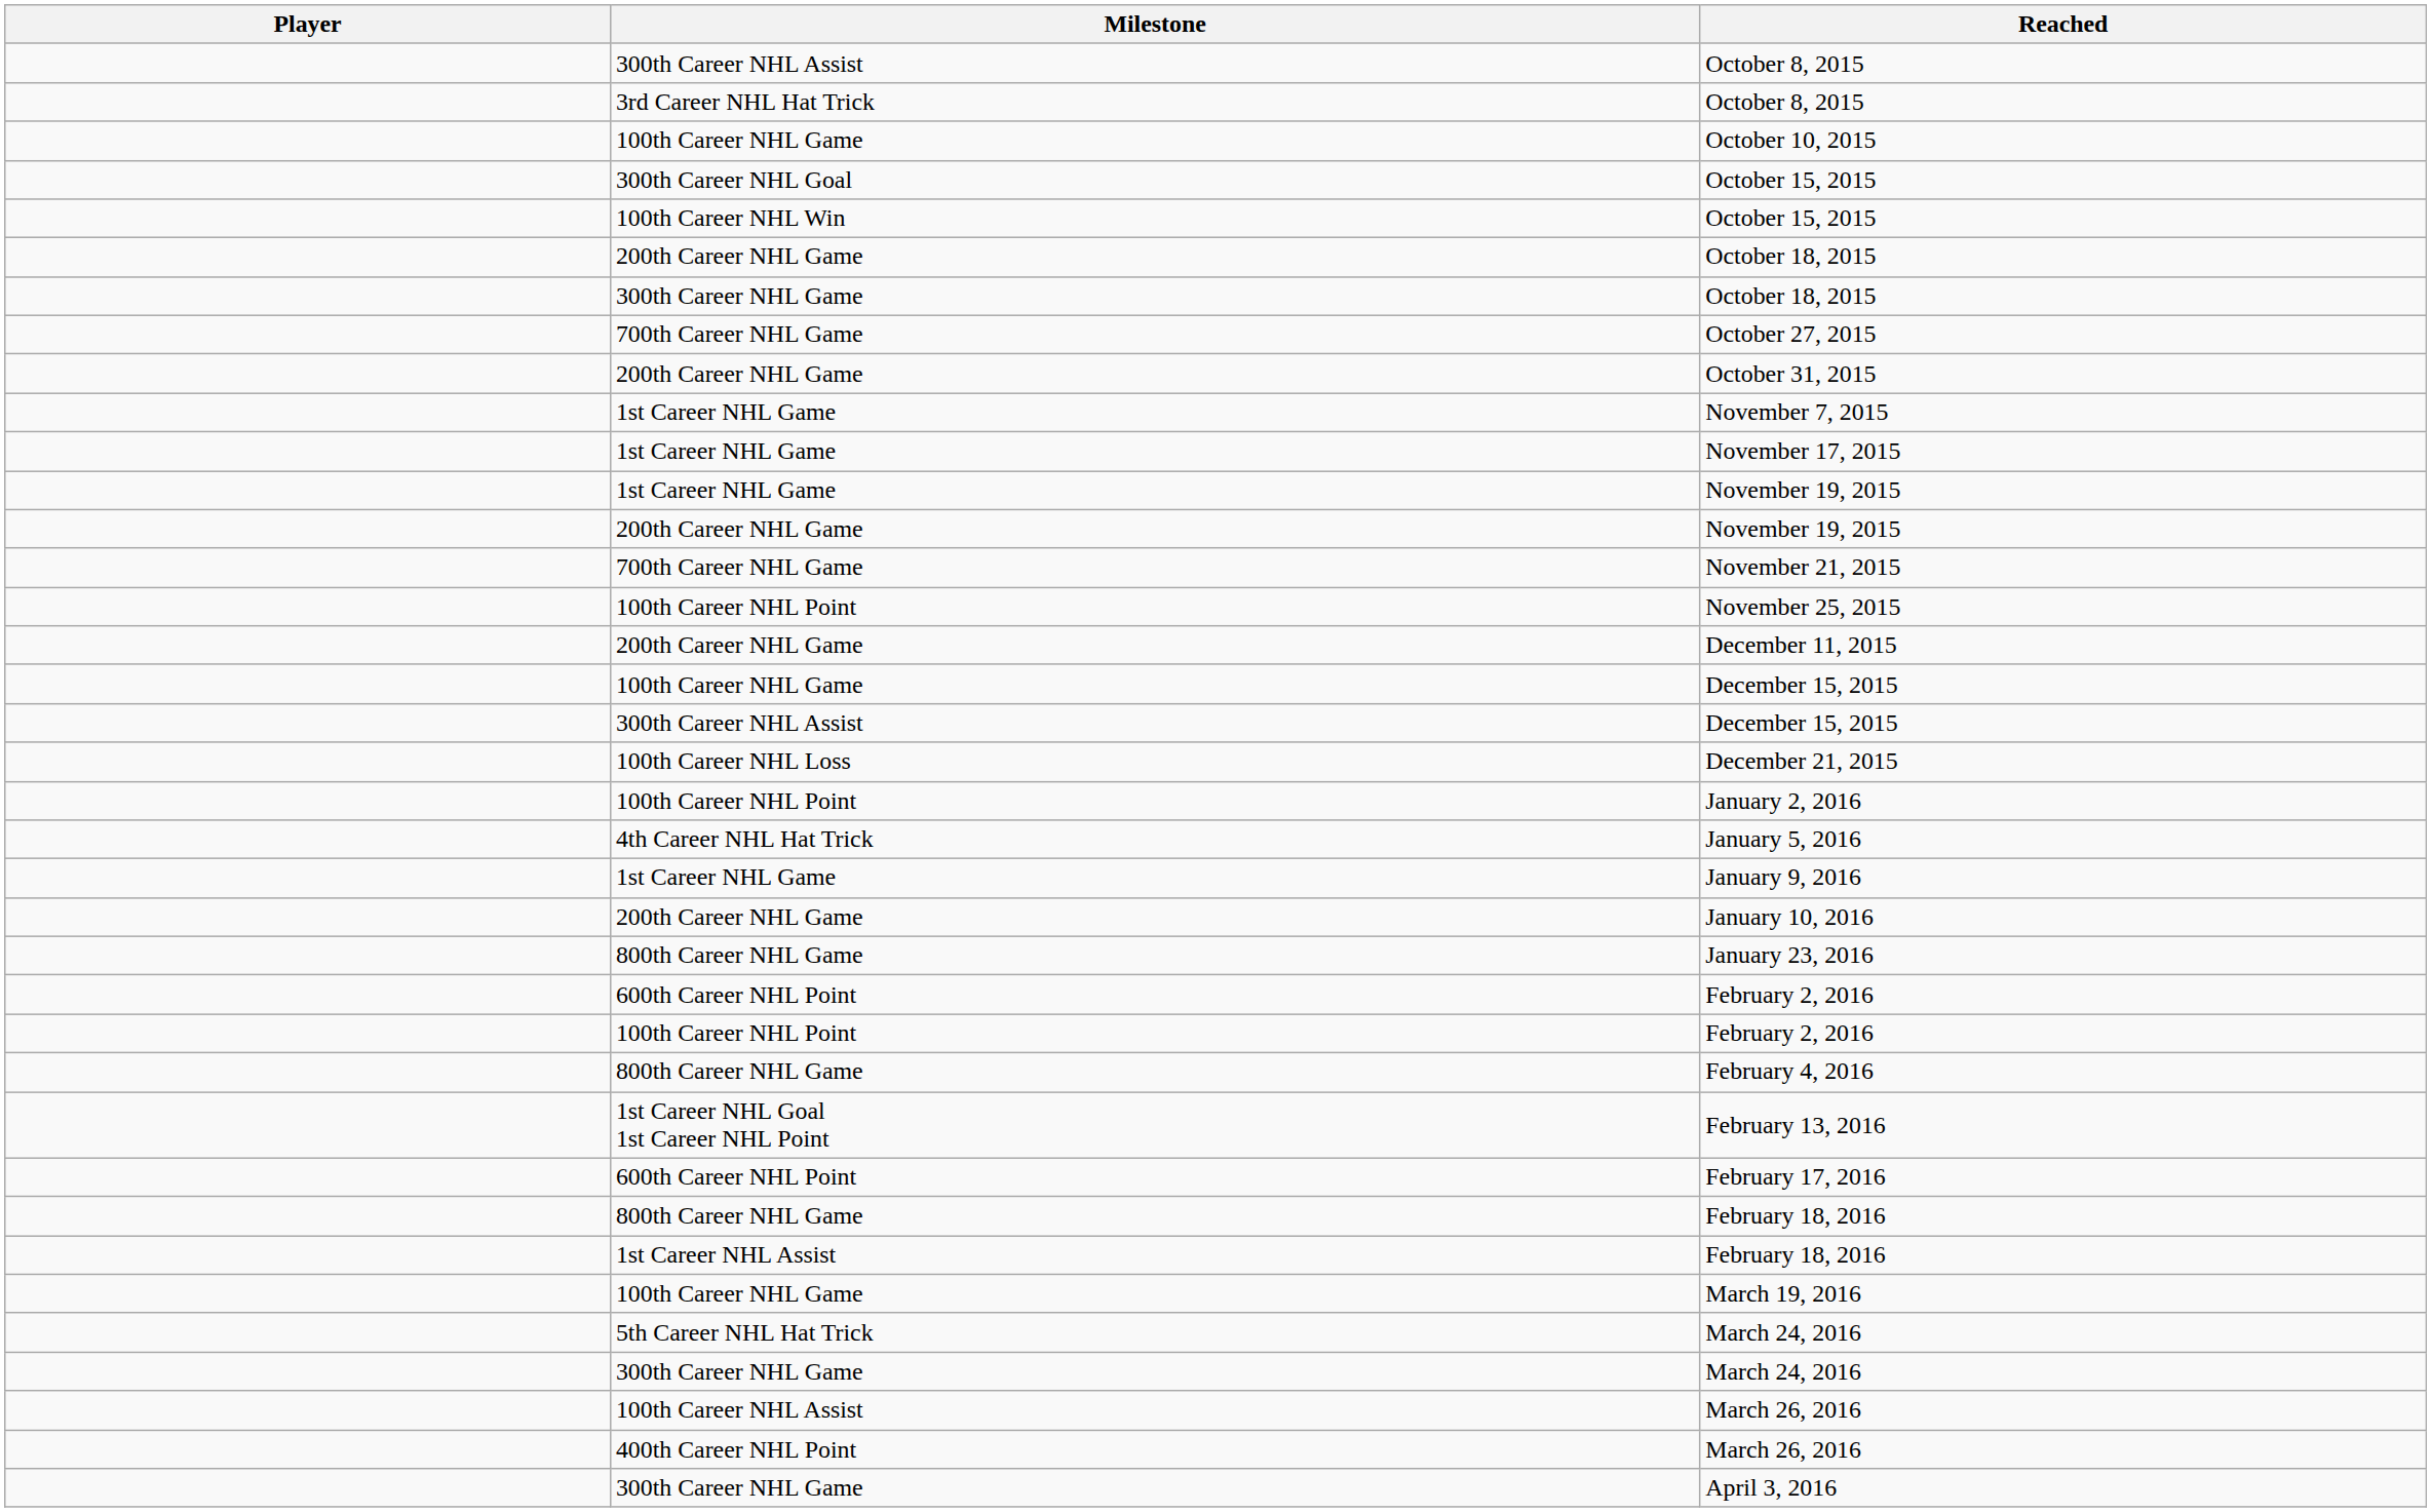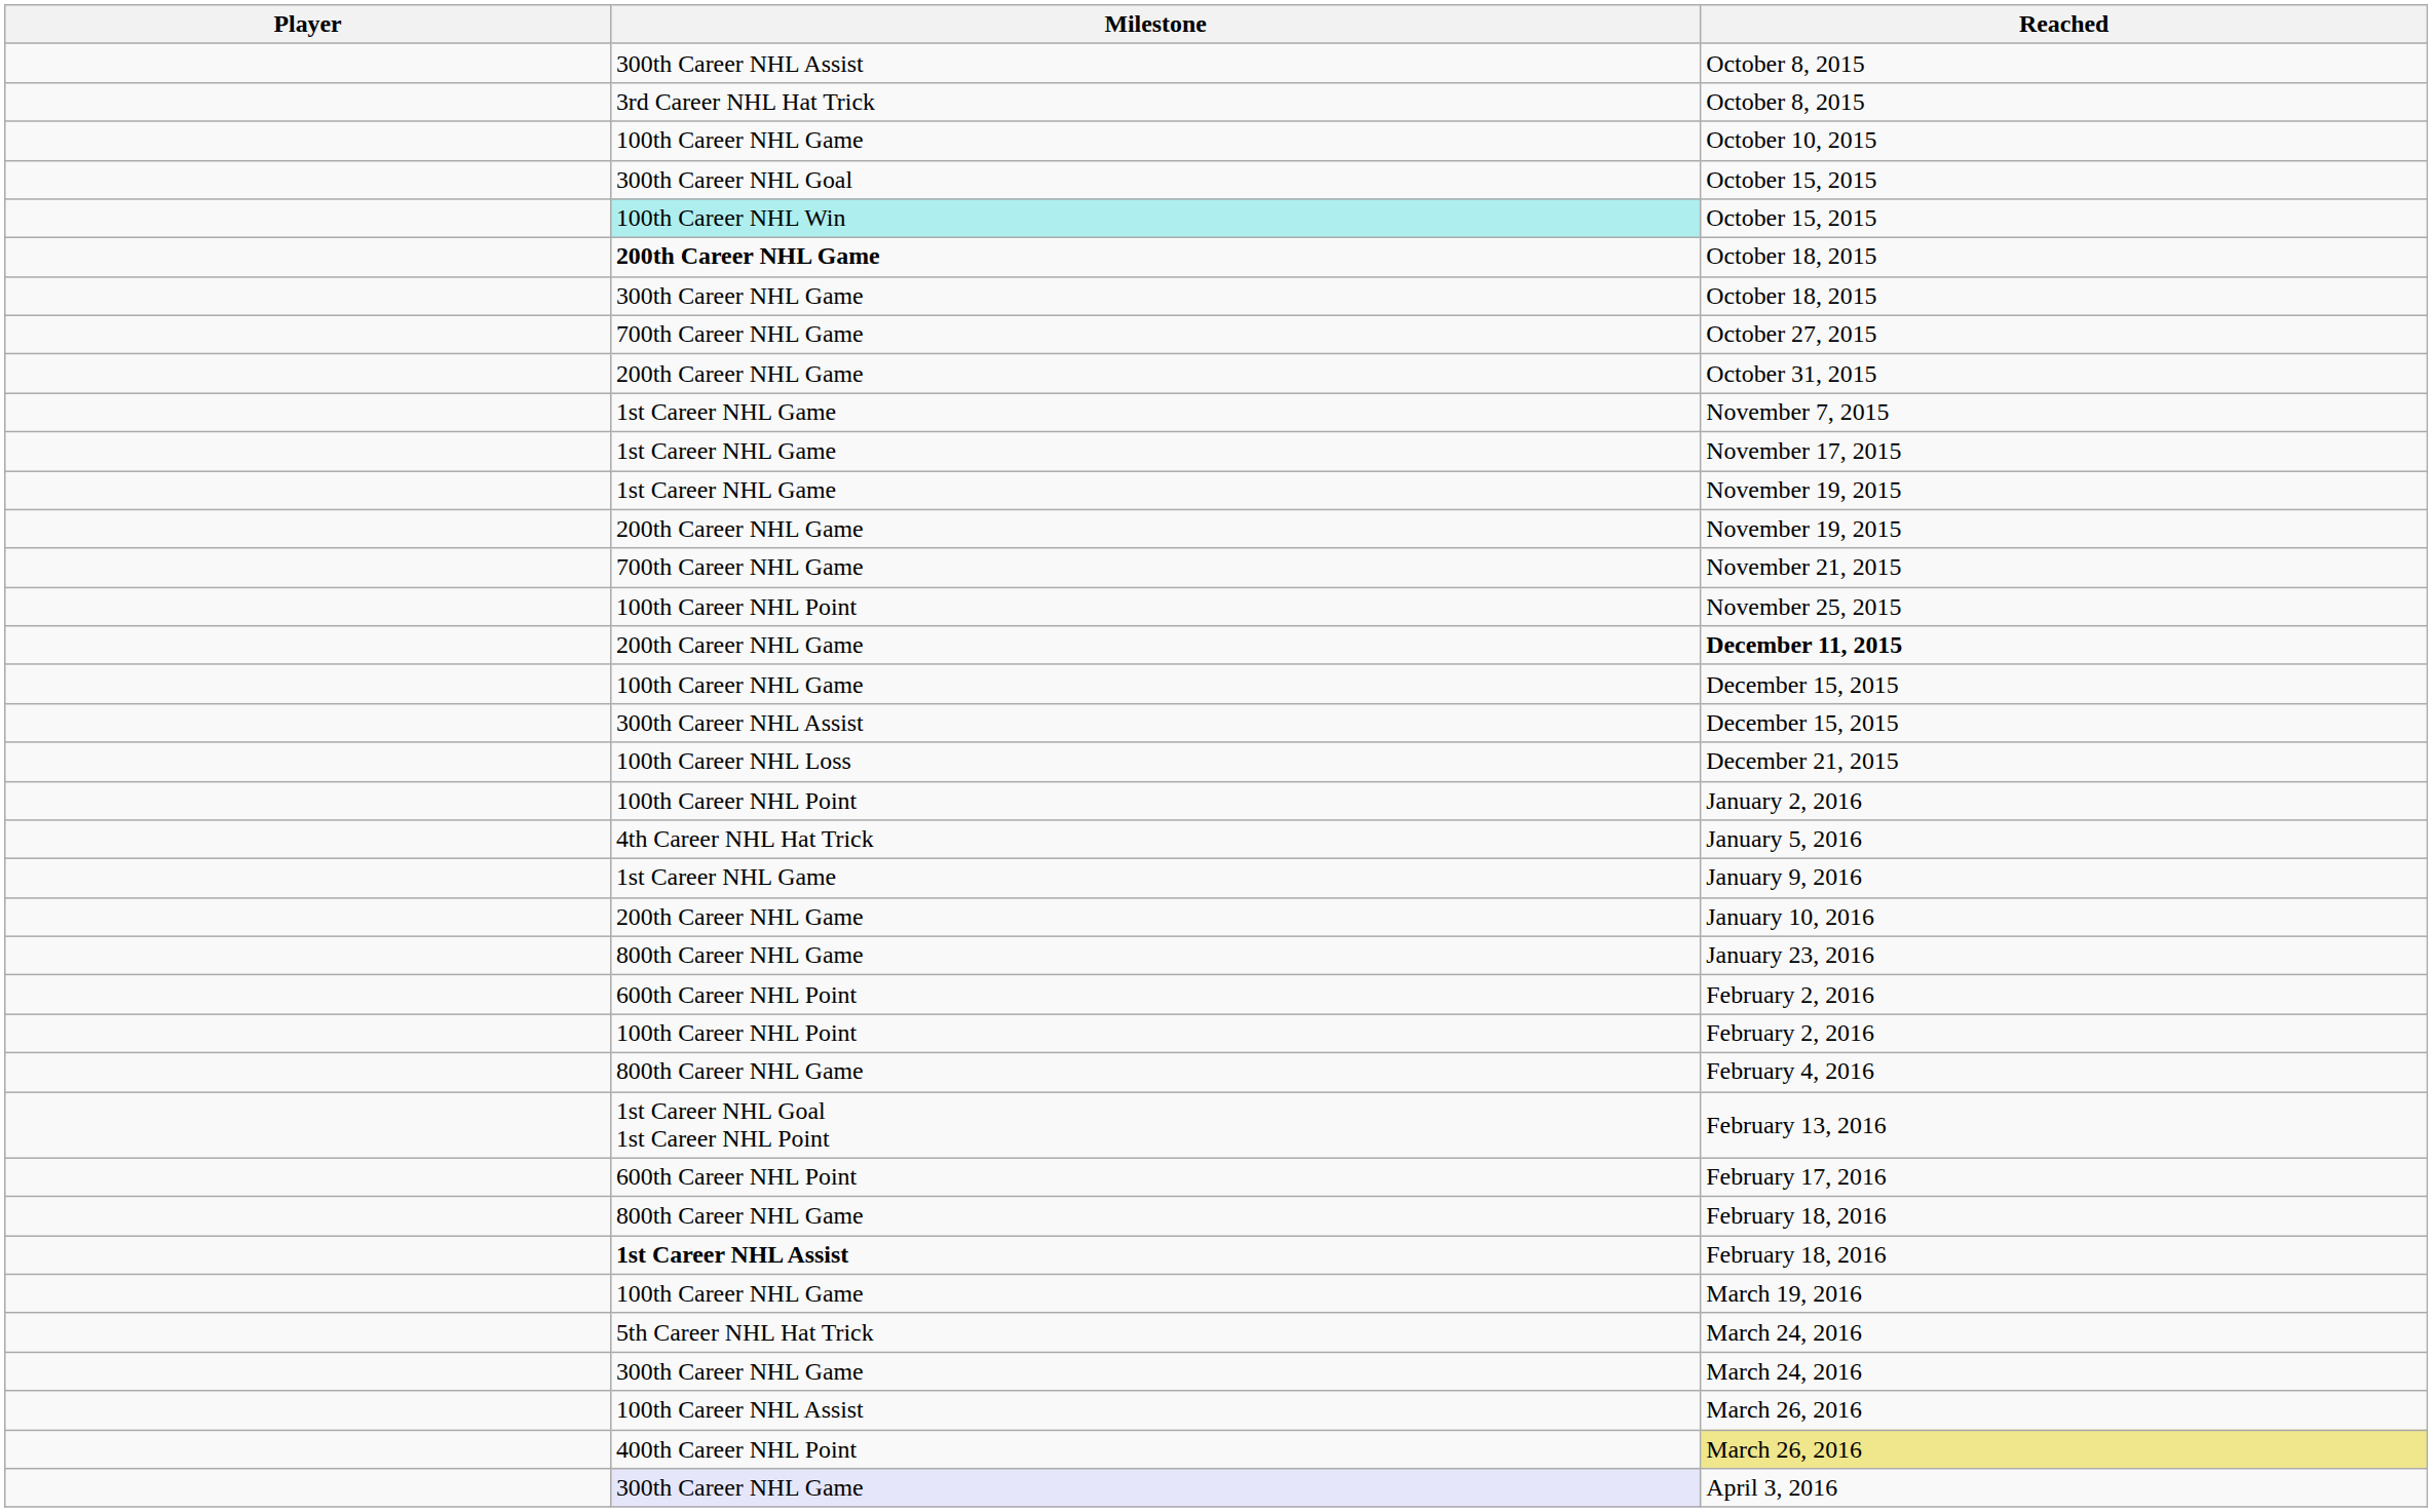 <table class="wikitable sortable" style="width:100%;">
 <tr align=center>
 <th style="width:25%;">Player</th>
 <th style="width:45%;">Milestone</th>
 <th style="width:30%;" data-sort-type="date">Reached</th>
 </tr>
 <tr>
 <td></td>
 <td>300th Career NHL Assist</td>
 <td>October 8, 2015</td>
 </tr>
 <tr>
 <td></td>
 <td>3rd Career NHL Hat Trick</td>
 <td>October 8, 2015</td>
 </tr>
 <tr>
 <td></td>
 <td>100th Career NHL Game</td>
 <td>October 10, 2015</td>
 </tr>
 <tr>
 <td></td>
 <td>300th Career NHL Goal</td>
 <td>October 15, 2015</td>
 </tr>
 <tr>
 <td></td>
-<td>100th Career NHL Win</td>
+<td style="background: paleturquoise;">100th Career NHL Win</td>
 <td>October 15, 2015</td>
 </tr>
 <tr>
 <td></td>
-<td>200th Career NHL Game</td>
+<td><strong>200th Career NHL Game</strong></td>
 <td>October 18, 2015</td>
 </tr>
 <tr>
 <td></td>
 <td>300th Career NHL Game</td>
 <td>October 18, 2015</td>
 </tr>
 <tr>
 <td></td>
 <td>700th Career NHL Game</td>
 <td>October 27, 2015</td>
 </tr>
 <tr>
 <td></td>
 <td>200th Career NHL Game</td>
 <td>October 31, 2015</td>
 </tr>
 <tr>
 <td></td>
 <td>1st Career NHL Game</td>
 <td>November 7, 2015</td>
 </tr>
 <tr>
 <td></td>
 <td>1st Career NHL Game</td>
 <td>November 17, 2015</td>
 </tr>
 <tr>
 <td></td>
 <td>1st Career NHL Game</td>
 <td>November 19, 2015</td>
 </tr>
 <tr>
 <td></td>
 <td>200th Career NHL Game</td>
 <td>November 19, 2015</td>
 </tr>
 <tr>
 <td></td>
 <td>700th Career NHL Game</td>
 <td>November 21, 2015</td>
 </tr>
 <tr>
 <td></td>
 <td>100th Career NHL Point</td>
 <td>November 25, 2015</td>
 </tr>
 <tr>
 <td></td>
 <td>200th Career NHL Game</td>
-<td>December 11, 2015</td>
+<td><strong>December 11, 2015</strong></td>
 </tr>
 <tr>
 <td></td>
 <td>100th Career NHL Game</td>
 <td>December 15, 2015</td>
 </tr>
 <tr>
 <td></td>
 <td>300th Career NHL Assist</td>
 <td>December 15, 2015</td>
 </tr>
 <tr>
 <td></td>
 <td>100th Career NHL Loss</td>
 <td>December 21, 2015</td>
 </tr>
 <tr>
 <td></td>
 <td>100th Career NHL Point</td>
 <td>January 2, 2016</td>
 </tr>
 <tr>
 <td></td>
 <td>4th Career NHL Hat Trick</td>
 <td>January 5, 2016</td>
 </tr>
 <tr>
 <td></td>
 <td>1st Career NHL Game</td>
 <td>January 9, 2016</td>
 </tr>
 <tr>
 <td></td>
 <td>200th Career NHL Game</td>
 <td>January 10, 2016</td>
 </tr>
 <tr>
 <td></td>
 <td>800th Career NHL Game</td>
 <td>January 23, 2016</td>
 </tr>
 <tr>
 <td></td>
 <td>600th Career NHL Point</td>
 <td>February 2, 2016</td>
 </tr>
 <tr>
 <td></td>
 <td>100th Career NHL Point</td>
 <td>February 2, 2016</td>
 </tr>
 <tr>
 <td></td>
 <td>800th Career NHL Game</td>
 <td>February 4, 2016</td>
 </tr>
 <tr>
 <td></td>
 <td>1st Career NHL Goal<br>1st Career NHL Point</td>
 <td>February 13, 2016</td>
 </tr>
 <tr>
 <td></td>
 <td>600th Career NHL Point</td>
 <td>February 17, 2016</td>
 </tr>
 <tr>
 <td></td>
 <td>800th Career NHL Game</td>
 <td>February 18, 2016</td>
 </tr>
 <tr>
 <td></td>
-<td>1st Career NHL Assist</td>
+<td><strong>1st Career NHL Assist</strong></td>
 <td>February 18, 2016</td>
 </tr>
 <tr>
 <td></td>
 <td>100th Career NHL Game</td>
 <td>March 19, 2016</td>
 </tr>
 <tr>
 <td></td>
 <td>5th Career NHL Hat Trick</td>
 <td>March 24, 2016</td>
 </tr>
 <tr>
 <td></td>
 <td>300th Career NHL Game</td>
 <td>March 24, 2016</td>
 </tr>
 <tr>
 <td></td>
 <td>100th Career NHL Assist</td>
 <td>March 26, 2016</td>
 </tr>
 <tr>
 <td></td>
 <td>400th Career NHL Point</td>
-<td>March 26, 2016</td>
+<td style="background: khaki;">March 26, 2016</td>
 </tr>
 <tr>
 <td></td>
-<td>300th Career NHL Game</td>
+<td style="background: lavender;">300th Career NHL Game</td>
 <td>April 3, 2016</td>
 </tr>
 </table>
